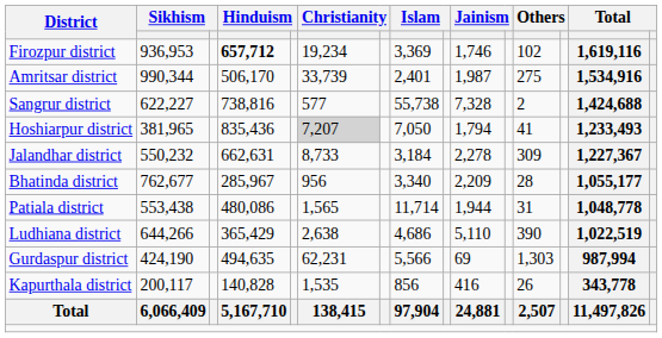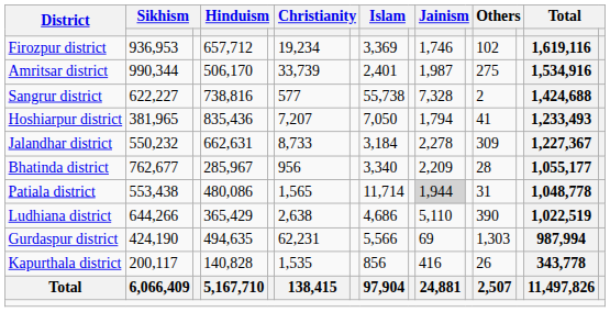 <table class="wikitable sortable mw-collapsible">
 <tr>
 <th rowspan="2"><a href='#'>District</a></th>
 <th colspan="2"><a href='#'>Sikhism</a> </th>
 <th colspan="2"><a href='#'>Hinduism</a> </th>
 <th colspan="2"><a href='#'>Christianity</a> </th>
 <th colspan="2"><a href='#'>Islam</a> </th>
 <th colspan="2"><a href='#'>Jainism</a> </th>
 <th colspan="2">Others</th>
 <th colspan="2">Total</th>
 </tr>
 <tr>
 <th><a href='#'></a></th>
 <th></th>
 <th></th>
 <th></th>
 <th></th>
 <th></th>
 <th></th>
 <th></th>
 <th></th>
 <th></th>
 <th></th>
 <th></th>
 <th></th>
 <th></th>
 </tr>
 <tr>
 <td><a href='#'>Firozpur district</a></td>
 <td>936,953</td>
 <td></td>
-<td><strong>657,712</strong></td>
+<td>657,712</td>
 <td></td>
 <td>19,234</td>
 <td></td>
 <td>3,369</td>
 <td></td>
 <td>1,746</td>
 <td></td>
 <td>102</td>
 <td></td>
 <th>1,619,116</th>
 <th></th>
 </tr>
 <tr>
 <td><a href='#'>Amritsar district</a></td>
 <td>990,344</td>
 <td></td>
 <td>506,170</td>
 <td></td>
 <td>33,739</td>
 <td></td>
 <td>2,401</td>
 <td></td>
 <td>1,987</td>
 <td></td>
 <td>275</td>
 <td></td>
 <th>1,534,916</th>
 <th></th>
 </tr>
 <tr>
 <td><a href='#'>Sangrur district</a></td>
 <td>622,227</td>
 <td></td>
 <td>738,816</td>
 <td></td>
 <td>577</td>
 <td></td>
 <td>55,738</td>
 <td></td>
 <td>7,328</td>
 <td></td>
 <td>2</td>
 <td></td>
 <th>1,424,688</th>
 <th></th>
 </tr>
 <tr>
 <td><a href='#'>Hoshiarpur district</a></td>
 <td>381,965</td>
 <td></td>
 <td>835,436</td>
 <td></td>
-<td style="background: lightgrey;">7,207</td>
+<td>7,207</td>
 <td></td>
 <td>7,050</td>
 <td></td>
 <td>1,794</td>
 <td></td>
 <td>41</td>
 <td></td>
 <th>1,233,493</th>
 <th></th>
 </tr>
 <tr>
 <td><a href='#'>Jalandhar district</a></td>
 <td>550,232</td>
 <td></td>
 <td>662,631</td>
 <td></td>
 <td>8,733</td>
 <td></td>
 <td>3,184</td>
 <td></td>
 <td>2,278</td>
 <td></td>
 <td>309</td>
 <td></td>
 <th>1,227,367</th>
 <th></th>
 </tr>
 <tr>
 <td><a href='#'>Bhatinda district</a></td>
 <td>762,677</td>
 <td></td>
 <td>285,967</td>
 <td></td>
 <td>956</td>
 <td></td>
 <td>3,340</td>
 <td></td>
 <td>2,209</td>
 <td></td>
 <td>28</td>
 <td></td>
 <th>1,055,177</th>
 <th></th>
 </tr>
 <tr>
 <td><a href='#'>Patiala district</a></td>
 <td>553,438</td>
 <td></td>
 <td>480,086</td>
 <td></td>
 <td>1,565</td>
 <td></td>
 <td>11,714</td>
 <td></td>
-<td>1,944</td>
+<td style="background: lightgrey;">1,944</td>
 <td></td>
 <td>31</td>
 <td></td>
 <th>1,048,778</th>
 <th></th>
 </tr>
 <tr>
 <td><a href='#'>Ludhiana district</a></td>
 <td>644,266</td>
 <td></td>
 <td>365,429</td>
 <td></td>
 <td>2,638</td>
 <td></td>
 <td>4,686</td>
 <td></td>
 <td>5,110</td>
 <td></td>
 <td>390</td>
 <td></td>
 <th>1,022,519</th>
 <th></th>
 </tr>
 <tr>
 <td><a href='#'>Gurdaspur district</a></td>
 <td>424,190</td>
 <td></td>
 <td>494,635</td>
 <td></td>
 <td>62,231</td>
 <td></td>
 <td>5,566</td>
 <td></td>
 <td>69</td>
 <td></td>
 <td>1,303</td>
 <td></td>
 <th>987,994</th>
 <th></th>
 </tr>
 <tr>
 <td><a href='#'>Kapurthala district</a></td>
 <td>200,117</td>
 <td></td>
 <td>140,828</td>
 <td></td>
 <td>1,535</td>
 <td></td>
 <td>856</td>
 <td></td>
 <td>416</td>
 <td></td>
 <td>26</td>
 <td></td>
 <th>343,778</th>
 <th></th>
 </tr>
 <tr>
 <th>Total</th>
 <th>6,066,409</th>
 <th></th>
 <th>5,167,710</th>
 <th></th>
 <th>138,415</th>
 <th></th>
 <th>97,904</th>
 <th></th>
 <th>24,881</th>
 <th></th>
 <th>2,507</th>
 <th></th>
 <th>11,497,826</th>
 <th></th>
 </tr>
 <tr class="sortbottom">
 <td colspan="15"></td>
 </tr>
 </table>
